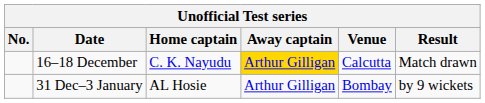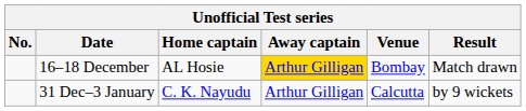 <table class="wikitable">
 <tr>
 <th colspan="9">Unofficial Test series</th>
 </tr>
 <tr>
 <th>No.</th>
 <th>Date</th>
 <th>Home captain</th>
 <th>Away captain</th>
 <th>Venue</th>
 <th>Result</th>
 </tr>
 <tr>
 <td></td>
 <td>16–18 December</td>
-<td><a href='#'>C. K. Nayudu</a></td>
+<td>AL Hosie</td>
 <td style="background: gold;"><a href='#'>Arthur Gilligan</a></td>
-<td><a href='#'>Calcutta</a></td>
+<td><a href='#'>Bombay</a></td>
 <td>Match drawn</td>
 </tr>
 <tr>
 <td></td>
 <td>31 Dec–3 January</td>
-<td>AL Hosie</td>
+<td><a href='#'>C. K. Nayudu</a></td>
 <td><a href='#'>Arthur Gilligan</a></td>
-<td><a href='#'>Bombay</a></td>
+<td><a href='#'>Calcutta</a></td>
 <td> by 9 wickets</td>
 </tr>
 </table>
